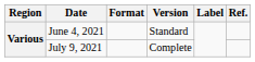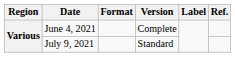 <table class="wikitable plainrowheaders">
 <tr>
 <th scope="col">Region</th>
 <th scope="col">Date</th>
 <th scope="col">Format</th>
 <th scope="col">Version</th>
 <th scope="col">Label</th>
 <th scope="col">Ref.</th>
 </tr>
 <tr>
 <th scope="row" rowspan="2">Various</th>
 <td>June 4, 2021</td>
 <td></td>
-<td>Standard</td>
+<td>Complete</td>
 <td rowspan="2"></td>
 <td></td>
 </tr>
 <tr>
 <td>July 9, 2021</td>
 <td></td>
-<td>Complete</td>
+<td>Standard</td>
 <td></td>
 </tr>
 </table>
